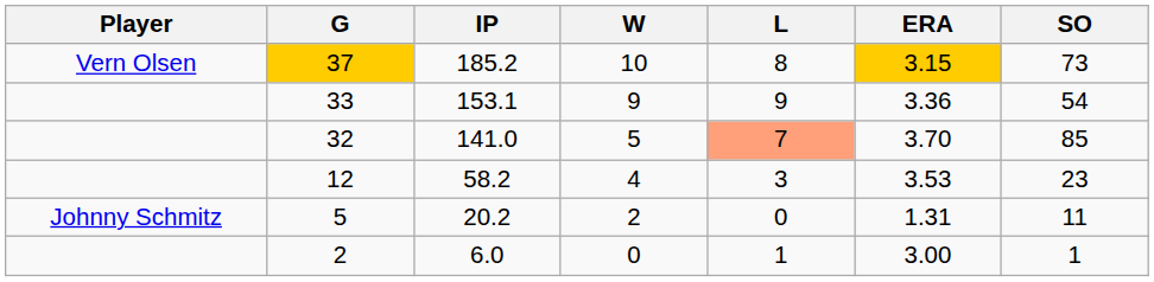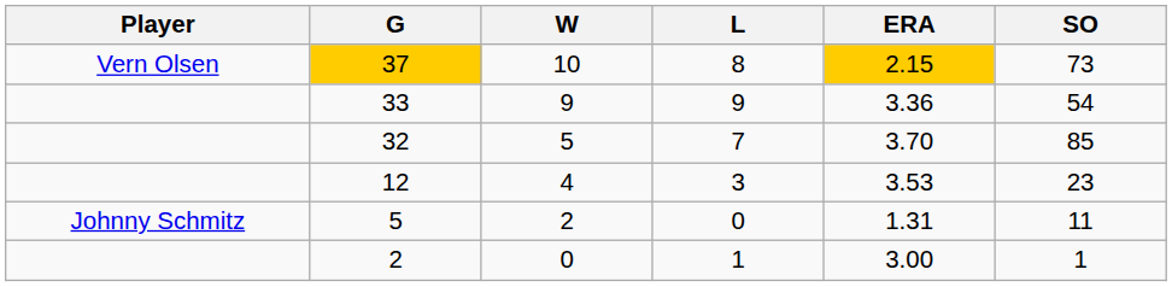 <table class="wikitable sortable">
 <tr>
 <th bgcolor="#DDDDFF" width="16%">Player</th>
 <th bgcolor="#DDDDFF" width="9%">G</th>
-<th bgcolor="#DDDDFF" width="9%">IP</th>
 <th bgcolor="#DDDDFF" width="9%">W</th>
 <th bgcolor="#DDDDFF" width="9%">L</th>
 <th bgcolor="#DDDDFF" width="9%">ERA</th>
 <th bgcolor="#DDDDFF" width="9%">SO</th>
 </tr>
 <tr align="center">
 <td><a href='#'>Vern Olsen</a></td>
 <td style="background:#fc0;">37</td>
-<td>185.2</td>
 <td>10</td>
 <td>8</td>
-<td style="background:#fc0;">3.15</td>
+<td style="background:#fc0;">2.15</td>
 <td>73</td>
 </tr>
 <tr align="center">
 <td></td>
 <td>33</td>
-<td>153.1</td>
 <td>9</td>
 <td>9</td>
 <td>3.36</td>
 <td>54</td>
 </tr>
 <tr align="center">
 <td></td>
 <td>32</td>
-<td>141.0</td>
 <td>5</td>
-<td style="background: lightsalmon;">7</td>
+<td>7</td>
 <td>3.70</td>
 <td>85</td>
 </tr>
 <tr align="center">
 <td></td>
 <td>12</td>
-<td>58.2</td>
 <td>4</td>
 <td>3</td>
 <td>3.53</td>
 <td>23</td>
 </tr>
 <tr align="center">
 <td><a href='#'>Johnny Schmitz</a></td>
 <td>5</td>
-<td>20.2</td>
 <td>2</td>
 <td>0</td>
 <td>1.31</td>
 <td>11</td>
 </tr>
 <tr align="center">
 <td></td>
 <td>2</td>
-<td>6.0</td>
 <td>0</td>
 <td>1</td>
 <td>3.00</td>
 <td>1</td>
 </tr>
 </table>
